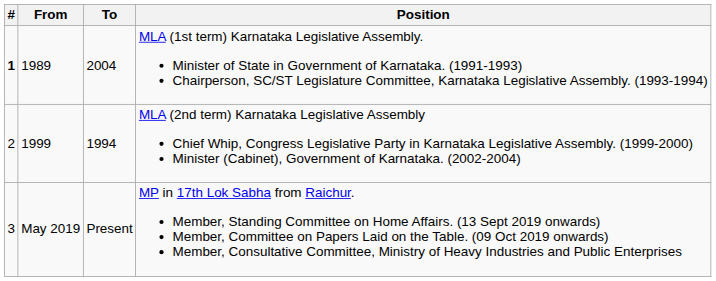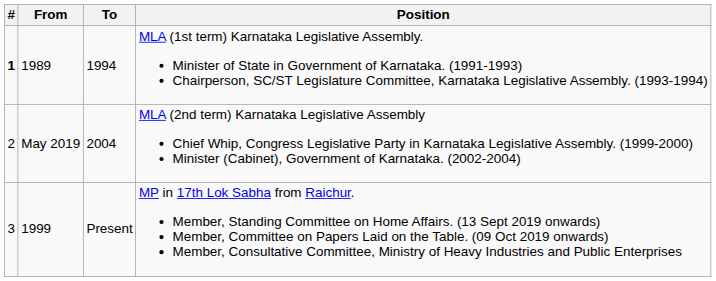 <table class="wikitable sortable">
 <tr>
 <th>#</th>
 <th>From</th>
 <th>To</th>
 <th>Position</th>
 </tr>
 <tr>
 <td><strong>1</strong></td>
 <td>1989</td>
-<td>2004</td>
+<td>1994</td>
 <td><a href='#'>MLA</a> (1st term) Karnataka Legislative Assembly.<br><ul><li>Minister of State in Government of Karnataka. (1991-1993)</li><li>Chairperson, SC/ST Legislature Committee, Karnataka Legislative Assembly. (1993-1994)</li></ul></td>
 </tr>
 <tr>
 <td>2</td>
-<td>1999</td>
-<td>1994</td>
+<td>May 2019</td>
+<td>2004</td>
 <td><a href='#'>MLA</a> (2nd term) Karnataka Legislative Assembly<br><ul><li>Chief Whip, Congress Legislative Party in Karnataka Legislative Assembly. (1999-2000)</li><li>Minister (Cabinet), Government of Karnataka. (2002-2004)</li></ul></td>
 </tr>
 <tr>
 <td>3</td>
-<td>May 2019</td>
+<td>1999</td>
 <td>Present</td>
 <td><a href='#'>MP</a> in <a href='#'>17th Lok Sabha</a> from <a href='#'>Raichur</a>.<br><ul><li>Member, Standing Committee on Home Affairs. (13 Sept 2019 onwards)</li><li>Member, Committee on Papers Laid on the Table. (09 Oct 2019 onwards)</li><li>Member, Consultative Committee, Ministry of Heavy Industries and Public Enterprises</li></ul></td>
 </tr>
 </table>
